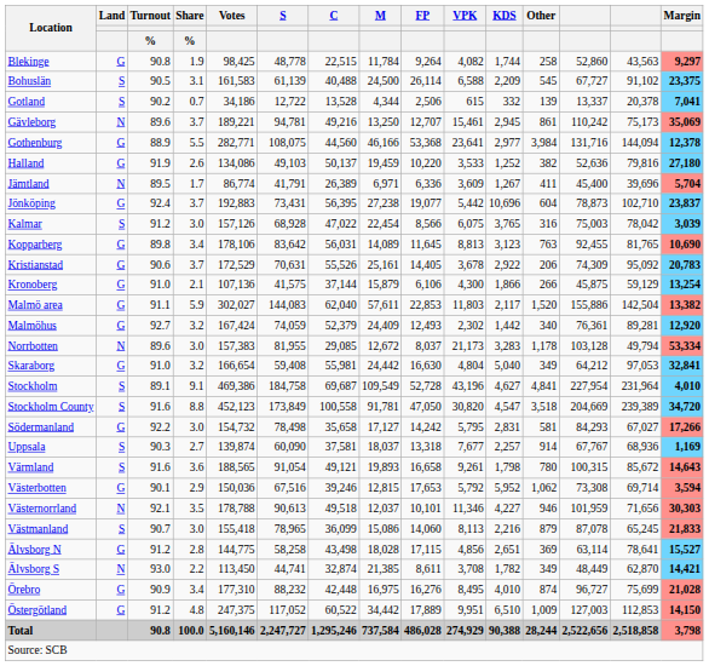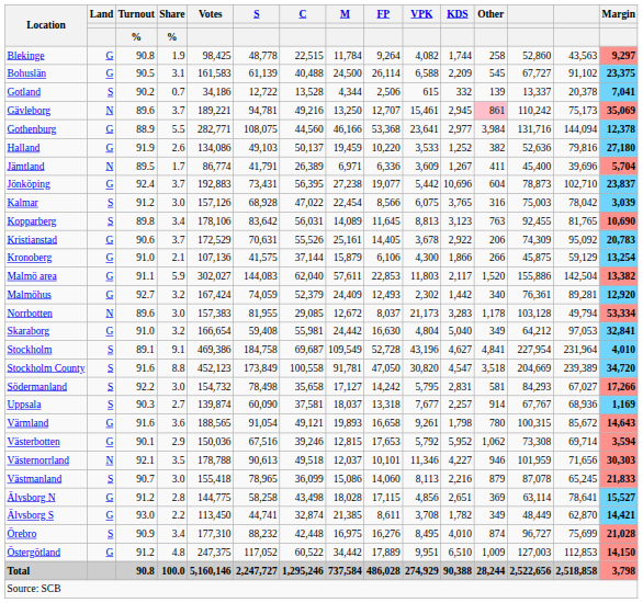 <table class="wikitable sortable" style="text-align:right; font-size:95%; line-height:20px;">
 <tr>
 <th rowspan="3">Location</th>
 <th>Land</th>
 <th>Turnout</th>
 <th>Share</th>
 <th>Votes</th>
 <th width="30px" class="unsortable"><a href='#'>S</a></th>
 <th width="30px" class="unsortable"><a href='#'>C</a></th>
 <th width="30px" class="unsortable"><a href='#'>M</a></th>
 <th width="30px" class="unsortable"><a href='#'>FP</a></th>
 <th width="30px" class="unsortable"><a href='#'>VPK</a></th>
 <th width="30px" class="unsortable"><a href='#'>KDS</a></th>
 <th width="30px" class="unsortable">Other</th>
 <th></th>
 <th></th>
 <th>Margin</th>
 </tr>
 <tr>
 <th></th>
 <th></th>
 <th></th>
 <th></th>
 <th style="background:"></th>
 <th style="background:"></th>
 <th style="background:"></th>
 <th style="background:"></th>
 <th style="background:"></th>
 <th style="background:"></th>
 <th style="background:"></th>
 <th style="background:"></th>
 <th style="background:"></th>
 <th></th>
 </tr>
 <tr>
 <th></th>
 <th data-sort-type="number">%</th>
 <th data-sort-type="number">%</th>
 <th></th>
 <th></th>
 <th></th>
 <th></th>
 <th></th>
 <th></th>
 <th></th>
 <th></th>
 <th></th>
 <th></th>
 <th></th>
 </tr>
 <tr>
 <td align=left><a href='#'>Blekinge</a></td>
 <td><a href='#'>G</a></td>
 <td>90.8</td>
 <td>1.9</td>
 <td>98,425</td>
 <td>48,778</td>
 <td>22,515</td>
 <td>11,784</td>
 <td>9,264</td>
 <td>4,082</td>
 <td>1,744</td>
 <td>258</td>
 <td>52,860</td>
 <td>43,563</td>
 <td bgcolor=#ff908c><strong>9,297</strong></td>
 </tr>
 <tr>
 <td align=left><a href='#'>Bohuslän</a></td>
-<td><a href='#'>S</a></td>
+<td><a href='#'>G</a></td>
 <td>90.5</td>
 <td>3.1</td>
 <td>161,583</td>
 <td>61,139</td>
 <td>40,488</td>
 <td>24,500</td>
 <td>26,114</td>
 <td>6,588</td>
 <td>2,209</td>
 <td>545</td>
 <td>67,727</td>
 <td>91,102</td>
 <td bgcolor=#6fd5fe><strong>23,375</strong></td>
 </tr>
 <tr>
 <td align=left><a href='#'>Gotland</a></td>
 <td><a href='#'>S</a></td>
 <td>90.2</td>
 <td>0.7</td>
 <td>34,186</td>
 <td>12,722</td>
 <td>13,528</td>
 <td>4,344</td>
 <td>2,506</td>
 <td>615</td>
 <td>332</td>
 <td>139</td>
 <td>13,337</td>
 <td>20,378</td>
 <td bgcolor=#6fd5fe><strong>7,041</strong></td>
 </tr>
 <tr>
 <td align=left><a href='#'>Gävleborg</a></td>
 <td><a href='#'>N</a></td>
 <td>89.6</td>
 <td>3.7</td>
 <td>189,221</td>
 <td>94,781</td>
 <td>49,216</td>
 <td>13,250</td>
 <td>12,707</td>
 <td>15,461</td>
 <td>2,945</td>
-<td>861</td>
+<td style="background: pink;">861</td>
 <td>110,242</td>
 <td>75,173</td>
 <td bgcolor=#ff908c><strong>35,069</strong></td>
 </tr>
 <tr>
 <td align=left><a href='#'>Gothenburg</a></td>
 <td><a href='#'>G</a></td>
 <td>88.9</td>
 <td>5.5</td>
 <td>282,771</td>
 <td>108,075</td>
 <td>44,560</td>
 <td>46,166</td>
 <td>53,368</td>
 <td>23,641</td>
 <td>2,977</td>
 <td>3,984</td>
 <td>131,716</td>
 <td>144,094</td>
 <td bgcolor=#6fd5fe><strong>12,378</strong></td>
 </tr>
 <tr>
 <td align=left><a href='#'>Halland</a></td>
 <td><a href='#'>G</a></td>
 <td>91.9</td>
 <td>2.6</td>
 <td>134,086</td>
 <td>49,103</td>
 <td>50,137</td>
 <td>19,459</td>
 <td>10,220</td>
 <td>3,533</td>
 <td>1,252</td>
 <td>382</td>
 <td>52,636</td>
 <td>79,816</td>
 <td bgcolor=#6fd5fe><strong>27,180</strong></td>
 </tr>
 <tr>
 <td align=left><a href='#'>Jämtland</a></td>
 <td><a href='#'>N</a></td>
 <td>89.5</td>
 <td>1.7</td>
 <td>86,774</td>
 <td>41,791</td>
 <td>26,389</td>
 <td>6,971</td>
 <td>6,336</td>
 <td>3,609</td>
 <td>1,267</td>
 <td>411</td>
 <td>45,400</td>
 <td>39,696</td>
 <td bgcolor=#ff908c><strong>5,704</strong></td>
 </tr>
 <tr>
 <td align=left><a href='#'>Jönköping</a></td>
 <td><a href='#'>G</a></td>
 <td>92.4</td>
 <td>3.7</td>
 <td>192,883</td>
 <td>73,431</td>
 <td>56,395</td>
 <td>27,238</td>
 <td>19,077</td>
 <td>5,442</td>
 <td>10,696</td>
 <td>604</td>
 <td>78,873</td>
 <td>102,710</td>
 <td bgcolor=#6fd5fe><strong>23,837</strong></td>
 </tr>
 <tr>
 <td align=left><a href='#'>Kalmar</a></td>
 <td><a href='#'>S</a></td>
 <td>91.2</td>
 <td>3.0</td>
 <td>157,126</td>
 <td>68,928</td>
 <td>47,022</td>
 <td>22,454</td>
 <td>8,566</td>
 <td>6,075</td>
 <td>3,765</td>
 <td>316</td>
 <td>75,003</td>
 <td>78,042</td>
 <td bgcolor=#6fd5fe><strong>3,039</strong></td>
 </tr>
 <tr>
 <td align=left><a href='#'>Kopparberg</a></td>
-<td><a href='#'>G</a></td>
+<td><a href='#'>S</a></td>
 <td>89.8</td>
 <td>3.4</td>
 <td>178,106</td>
 <td>83,642</td>
 <td>56,031</td>
 <td>14,089</td>
 <td>11,645</td>
 <td>8,813</td>
 <td>3,123</td>
 <td>763</td>
 <td>92,455</td>
 <td>81,765</td>
 <td bgcolor=#ff908c><strong>10,690</strong></td>
 </tr>
 <tr>
 <td align=left><a href='#'>Kristianstad</a></td>
 <td><a href='#'>G</a></td>
 <td>90.6</td>
 <td>3.7</td>
 <td>172,529</td>
 <td>70,631</td>
 <td>55,526</td>
 <td>25,161</td>
 <td>14,405</td>
 <td>3,678</td>
 <td>2,922</td>
 <td>206</td>
 <td>74,309</td>
 <td>95,092</td>
 <td bgcolor=#6fd5fe><strong>20,783</strong></td>
 </tr>
 <tr>
 <td align=left><a href='#'>Kronoberg</a></td>
 <td><a href='#'>G</a></td>
 <td>91.0</td>
 <td>2.1</td>
 <td>107,136</td>
 <td>41,575</td>
 <td>37,144</td>
 <td>15,879</td>
 <td>6,106</td>
 <td>4,300</td>
 <td>1,866</td>
 <td>266</td>
 <td>45,875</td>
 <td>59,129</td>
 <td bgcolor=#6fd5fe><strong>13,254</strong></td>
 </tr>
 <tr>
 <td align=left><a href='#'>Malmö area</a></td>
 <td><a href='#'>G</a></td>
 <td>91.1</td>
 <td>5.9</td>
 <td>302,027</td>
 <td>144,083</td>
 <td>62,040</td>
 <td>57,611</td>
 <td>22,853</td>
 <td>11,803</td>
 <td>2,117</td>
 <td>1,520</td>
 <td>155,886</td>
 <td>142,504</td>
 <td bgcolor=#ff908c><strong>13,382</strong></td>
 </tr>
 <tr>
 <td align=left><a href='#'>Malmöhus</a></td>
 <td><a href='#'>G</a></td>
 <td>92.7</td>
 <td>3.2</td>
 <td>167,424</td>
 <td>74,059</td>
 <td>52,379</td>
 <td>24,409</td>
 <td>12,493</td>
 <td>2,302</td>
 <td>1,442</td>
 <td>340</td>
 <td>76,361</td>
 <td>89,281</td>
 <td bgcolor=#6fd5fe><strong>12,920</strong></td>
 </tr>
 <tr>
 <td align=left><a href='#'>Norrbotten</a></td>
 <td><a href='#'>N</a></td>
 <td>89.6</td>
 <td>3.0</td>
 <td>157,383</td>
 <td>81,955</td>
 <td>29,085</td>
 <td>12,672</td>
 <td>8,037</td>
 <td>21,173</td>
 <td>3,283</td>
 <td>1,178</td>
 <td>103,128</td>
 <td>49,794</td>
 <td bgcolor=#ff908c><strong>53,334</strong></td>
 </tr>
 <tr>
 <td align=left><a href='#'>Skaraborg</a></td>
 <td><a href='#'>G</a></td>
 <td>91.0</td>
 <td>3.2</td>
 <td>166,654</td>
 <td>59,408</td>
 <td>55,981</td>
 <td>24,442</td>
 <td>16,630</td>
 <td>4,804</td>
 <td>5,040</td>
 <td>349</td>
 <td>64,212</td>
 <td>97,053</td>
 <td bgcolor=#6fd5fe><strong>32,841</strong></td>
 </tr>
 <tr>
 <td align=left><a href='#'>Stockholm</a></td>
 <td><a href='#'>S</a></td>
 <td>89.1</td>
 <td>9.1</td>
 <td>469,386</td>
 <td>184,758</td>
 <td>69,687</td>
 <td>109,549</td>
 <td>52,728</td>
 <td>43,196</td>
 <td>4,627</td>
 <td>4,841</td>
 <td>227,954</td>
 <td>231,964</td>
 <td bgcolor=#6fd5fe><strong>4,010</strong></td>
 </tr>
 <tr>
 <td align=left><a href='#'>Stockholm County</a></td>
 <td><a href='#'>S</a></td>
 <td>91.6</td>
 <td>8.8</td>
 <td>452,123</td>
 <td>173,849</td>
 <td>100,558</td>
 <td>91,781</td>
 <td>47,050</td>
 <td>30,820</td>
 <td>4,547</td>
 <td>3,518</td>
 <td>204,669</td>
 <td>239,389</td>
 <td bgcolor=#6fd5fe><strong>34,720</strong></td>
 </tr>
 <tr>
 <td align=left><a href='#'>Södermanland</a></td>
-<td><a href='#'>G</a></td>
+<td><a href='#'>S</a></td>
 <td>92.2</td>
 <td>3.0</td>
 <td>154,732</td>
 <td>78,498</td>
 <td>35,658</td>
 <td>17,127</td>
 <td>14,242</td>
 <td>5,795</td>
 <td>2,831</td>
 <td>581</td>
 <td>84,293</td>
 <td>67,027</td>
 <td bgcolor=#ff908c><strong>17,266</strong></td>
 </tr>
 <tr>
 <td align=left><a href='#'>Uppsala</a></td>
 <td><a href='#'>S</a></td>
 <td>90.3</td>
 <td>2.7</td>
 <td>139,874</td>
 <td>60,090</td>
 <td>37,581</td>
 <td>18,037</td>
 <td>13,318</td>
 <td>7,677</td>
 <td>2,257</td>
 <td>914</td>
 <td>67,767</td>
 <td>68,936</td>
 <td bgcolor=#6fd5fe><strong>1,169</strong></td>
 </tr>
 <tr>
 <td align=left><a href='#'>Värmland</a></td>
-<td><a href='#'>S</a></td>
+<td><a href='#'>G</a></td>
 <td>91.6</td>
 <td>3.6</td>
 <td>188,565</td>
 <td>91,054</td>
 <td>49,121</td>
 <td>19,893</td>
 <td>16,658</td>
 <td>9,261</td>
 <td>1,798</td>
 <td>780</td>
 <td>100,315</td>
 <td>85,672</td>
 <td bgcolor=#ff908c><strong>14,643</strong></td>
 </tr>
 <tr>
 <td align=left><a href='#'>Västerbotten</a></td>
 <td><a href='#'>G</a></td>
 <td>90.1</td>
 <td>2.9</td>
 <td>150,036</td>
 <td>67,516</td>
 <td>39,246</td>
 <td>12,815</td>
 <td>17,653</td>
 <td>5,792</td>
 <td>5,952</td>
 <td>1,062</td>
 <td>73,308</td>
 <td>69,714</td>
 <td bgcolor=#ff908c><strong>3,594</strong></td>
 </tr>
 <tr>
 <td align=left><a href='#'>Västernorrland</a></td>
 <td><a href='#'>N</a></td>
 <td>92.1</td>
 <td>3.5</td>
 <td>178,788</td>
 <td>90,613</td>
 <td>49,518</td>
 <td>12,037</td>
 <td>10,101</td>
 <td>11,346</td>
 <td>4,227</td>
 <td>946</td>
 <td>101,959</td>
 <td>71,656</td>
 <td bgcolor=#ff908c><strong>30,303</strong></td>
 </tr>
 <tr>
 <td align=left><a href='#'>Västmanland</a></td>
 <td><a href='#'>S</a></td>
 <td>90.7</td>
 <td>3.0</td>
 <td>155,418</td>
 <td>78,965</td>
 <td>36,099</td>
 <td>15,086</td>
 <td>14,060</td>
 <td>8,113</td>
 <td>2,216</td>
 <td>879</td>
 <td>87,078</td>
 <td>65,245</td>
 <td bgcolor=#ff908c><strong>21,833</strong></td>
 </tr>
 <tr>
 <td align=left><a href='#'>Älvsborg N</a></td>
 <td><a href='#'>G</a></td>
 <td>91.2</td>
 <td>2.8</td>
 <td>144,775</td>
 <td>58,258</td>
 <td>43,498</td>
 <td>18,028</td>
 <td>17,115</td>
 <td>4,856</td>
 <td>2,651</td>
 <td>369</td>
 <td>63,114</td>
 <td>78,641</td>
 <td bgcolor=#6fd5fe><strong>15,527</strong></td>
 </tr>
 <tr>
 <td align=left><a href='#'>Älvsborg S</a></td>
-<td><a href='#'>N</a></td>
+<td><a href='#'>G</a></td>
 <td>93.0</td>
 <td>2.2</td>
 <td>113,450</td>
 <td>44,741</td>
 <td>32,874</td>
 <td>21,385</td>
 <td>8,611</td>
 <td>3,708</td>
 <td>1,782</td>
 <td>349</td>
 <td>48,449</td>
 <td>62,870</td>
 <td bgcolor=#6fd5fe><strong>14,421</strong></td>
 </tr>
 <tr>
 <td align=left><a href='#'>Örebro</a></td>
-<td><a href='#'>G</a></td>
+<td><a href='#'>S</a></td>
 <td>90.9</td>
 <td>3.4</td>
 <td>177,310</td>
 <td>88,232</td>
 <td>42,448</td>
 <td>16,975</td>
 <td>16,276</td>
 <td>8,495</td>
 <td>4,010</td>
 <td>874</td>
 <td>96,727</td>
 <td>75,699</td>
 <td bgcolor=#ff908c><strong>21,028</strong></td>
 </tr>
 <tr>
 <td align=left><a href='#'>Östergötland</a></td>
 <td><a href='#'>G</a></td>
 <td>91.2</td>
 <td>4.8</td>
 <td>247,375</td>
 <td>117,052</td>
 <td>60,522</td>
 <td>34,442</td>
 <td>17,889</td>
 <td>9,951</td>
 <td>6,510</td>
 <td>1,009</td>
 <td>127,003</td>
 <td>112,853</td>
 <td bgcolor=#ff908c><strong>14,150</strong></td>
 </tr>
 <tr style="background:#CDCDCD;">
 <td align=left><strong>Total</strong></td>
 <td></td>
 <td><strong>90.8</strong></td>
 <td><strong>100.0</strong></td>
 <td><strong>5,160,146</strong></td>
 <td><strong>2,247,727</strong></td>
 <td><strong>1,295,246</strong></td>
 <td><strong>737,584</strong></td>
 <td><strong>486,028</strong></td>
 <td><strong>274,929</strong></td>
 <td><strong>90,388</strong></td>
 <td><strong>28,244</strong></td>
 <td><strong>2,522,656</strong></td>
 <td><strong>2,518,858</strong></td>
 <td bgcolor=#ff908c><strong>3,798</strong></td>
 </tr>
 <tr>
 <td align=left colspan=15>Source: SCB </td>
 </tr>
 </table>
